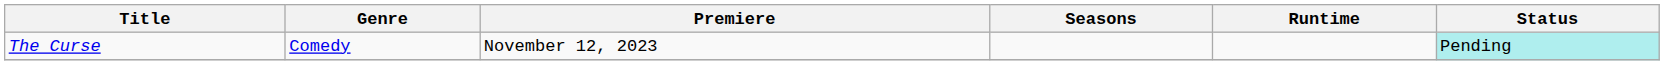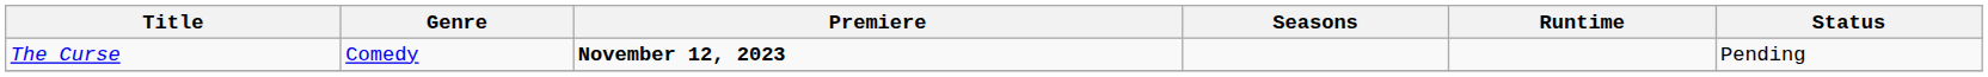 <table class="wikitable sortable" style="width:100%;">
 <tr>
 <th>Title</th>
 <th>Genre</th>
 <th>Premiere</th>
 <th>Seasons</th>
 <th>Runtime</th>
 <th>Status</th>
 </tr>
 <tr>
 <td><em><a href='#'>The Curse</a></em></td>
 <td><a href='#'>Comedy</a></td>
-<td>November 12, 2023</td>
+<td><strong>November 12, 2023</strong></td>
 <td></td>
 <td></td>
-<td style="background: paleturquoise;">Pending</td>
+<td>Pending</td>
 </tr>
 <tr>
 </tr>
 </table>
